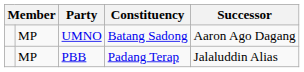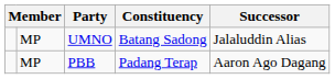 <table class="sortable wikitable">
 <tr>
 <th colspan="2" valign="top">Member</th>
 <th valign="top">Party</th>
 <th valign="top">Constituency</th>
 <th class="unsortable" valign="top">Successor</th>
 </tr>
 <tr>
 <td></td>
 <td> MP</td>
 <td><a href='#'>UMNO</a></td>
 <td><a href='#'>Batang Sadong</a></td>
-<td>Aaron Ago Dagang</td>
+<td>Jalaluddin Alias</td>
 </tr>
 <tr>
 <td></td>
 <td> MP</td>
 <td><a href='#'>PBB</a></td>
 <td><a href='#'>Padang Terap</a></td>
-<td>Jalaluddin Alias</td>
+<td>Aaron Ago Dagang</td>
 </tr>
 </table>
